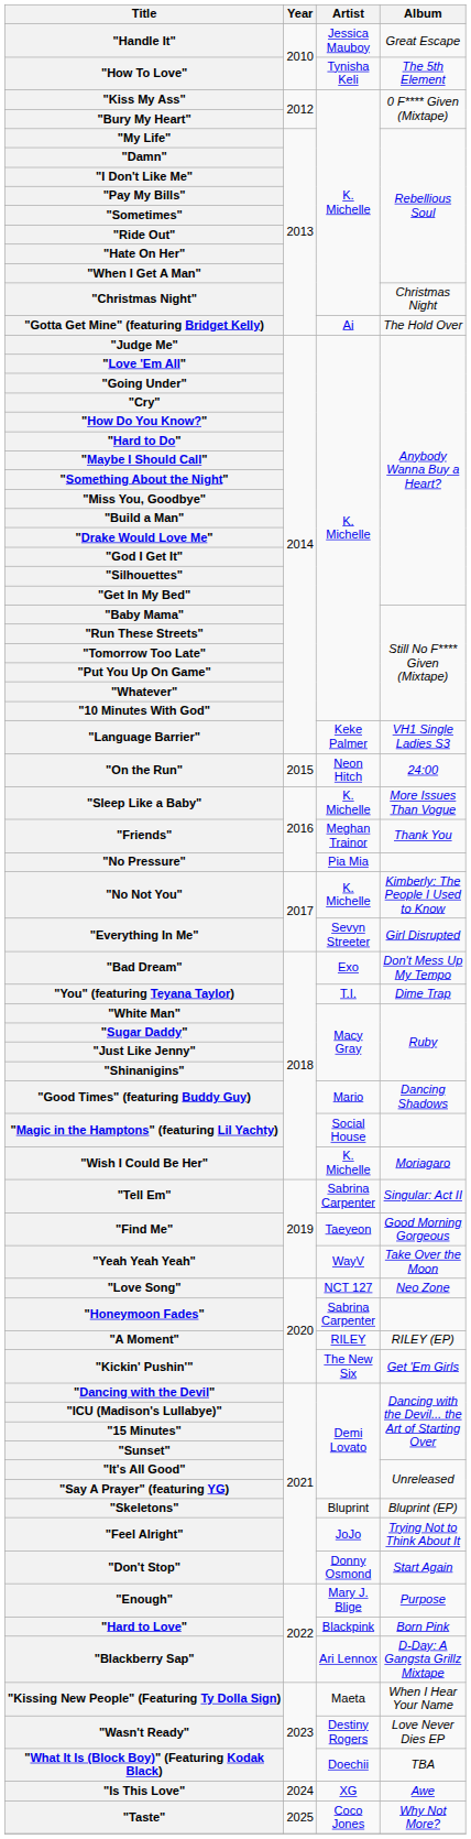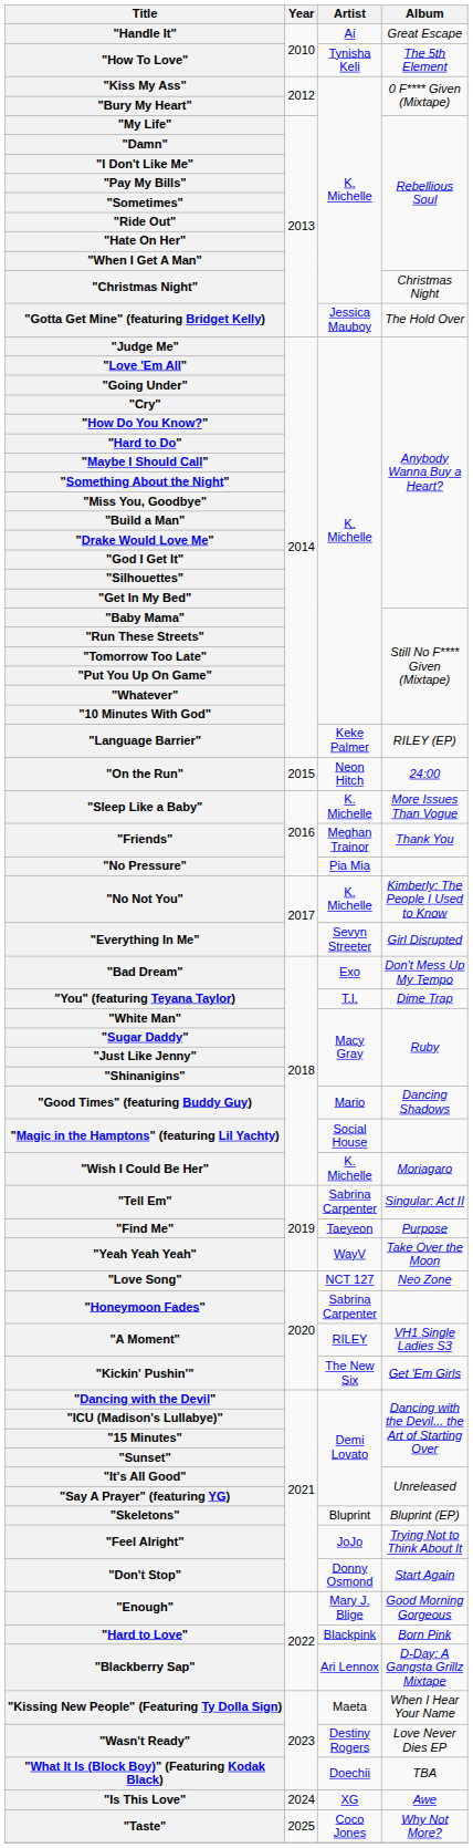 <table class="wikitable plainrowheaders" style="text-align:center;">
 <tr>
 <th scope="col" style="width:22.5em;">Title</th>
 <th scope="col">Year</th>
 <th scope="col">Artist</th>
 <th scope="col">Album</th>
 </tr>
 <tr>
 <th scope="row">"Handle It"</th>
 <td rowspan="2">2010</td>
-<td><a href='#'>Jessica Mauboy</a></td>
+<td><a href='#'>Ai</a></td>
 <td><em>Great Escape</em></td>
 </tr>
 <tr>
 <th scope="row">"How To Love"</th>
 <td><a href='#'>Tynisha Keli</a></td>
 <td><em><a href='#'>The 5th Element</a></em></td>
 </tr>
 <tr>
 <th scope="row">"Kiss My Ass"</th>
 <td rowspan="2">2012</td>
 <td rowspan="11"><a href='#'>K. Michelle</a></td>
 <td rowspan="2"><em>0 F**** Given (Mixtape)</em></td>
 </tr>
 <tr>
 <th scope="row">"Bury My Heart"</th>
 </tr>
 <tr>
 <th scope="row">"My Life"</th>
 <td rowspan="10">2013</td>
 <td rowspan="8"><em><a href='#'>Rebellious Soul</a></em></td>
 </tr>
 <tr>
 <th scope="row">"Damn"</th>
 </tr>
 <tr>
 <th scope="row">"I Don't Like Me"</th>
 </tr>
 <tr>
 <th scope="row">"Pay My Bills"</th>
 </tr>
 <tr>
 <th scope="row">"Sometimes"</th>
 </tr>
 <tr>
 <th scope="row">"Ride Out"</th>
 </tr>
 <tr>
 <th scope="row">"Hate On Her"</th>
 </tr>
 <tr>
 <th scope="row">"When I Get A Man"</th>
 </tr>
 <tr>
 <th scope="row">"Christmas Night"</th>
 <td><em>Christmas Night</em></td>
 </tr>
 <tr>
 <th scope="row">"Gotta Get Mine" (featuring <a href='#'>Bridget Kelly</a>)</th>
-<td><a href='#'>Ai</a></td>
+<td><a href='#'>Jessica Mauboy</a></td>
 <td><em>The Hold Over</em></td>
 </tr>
 <tr>
 <th scope="row">"Judge Me"</th>
 <td rowspan="21">2014</td>
 <td rowspan="20"><a href='#'>K. Michelle</a></td>
 <td rowspan="14"><em><a href='#'>Anybody Wanna Buy a Heart?</a></em></td>
 </tr>
 <tr>
 <th scope="row">"<a href='#'>Love 'Em All</a>"</th>
 </tr>
 <tr>
 <th scope="row">"Going Under"</th>
 </tr>
 <tr>
 <th scope="row">"Cry"</th>
 </tr>
 <tr>
 <th scope="row">"<a href='#'>How Do You Know?</a>"</th>
 </tr>
 <tr>
 <th scope="row">"<a href='#'>Hard to Do</a>"</th>
 </tr>
 <tr>
 <th scope="row">"<a href='#'>Maybe I Should Call</a>"</th>
 </tr>
 <tr>
 <th scope="row">"<a href='#'>Something About the Night</a>"</th>
 </tr>
 <tr>
 <th scope="row">"Miss You, Goodbye"</th>
 </tr>
 <tr>
 <th scope="row">"Build a Man"</th>
 </tr>
 <tr>
 <th scope="row">"<a href='#'>Drake Would Love Me</a>"</th>
 </tr>
 <tr>
 <th scope="row">"God I Get It"</th>
 </tr>
 <tr>
 <th scope="row">"Silhouettes"</th>
 </tr>
 <tr>
 <th scope="row">"Get In My Bed"</th>
 </tr>
 <tr>
 <th scope="row">"Baby Mama"</th>
 <td rowspan="6"><em>Still No F**** Given (Mixtape)</em></td>
 </tr>
 <tr>
 <th scope="row">"Run These Streets"</th>
 </tr>
 <tr>
 <th scope="row">"Tomorrow Too Late"</th>
 </tr>
 <tr>
 <th scope="row">"Put You Up On Game"</th>
 </tr>
 <tr>
 <th scope="row">"Whatever"</th>
 </tr>
 <tr>
 <th scope="row">"10 Minutes With God"</th>
 </tr>
 <tr>
 <th scope="row">"Language Barrier"</th>
 <td><a href='#'>Keke Palmer</a></td>
-<td><em><a href='#'>VH1 Single Ladies S3</a></em></td>
+<td><em>RILEY (EP)</em></td>
 </tr>
 <tr>
 <th scope="row">"On the Run"</th>
 <td>2015</td>
 <td><a href='#'>Neon Hitch</a></td>
 <td><em><a href='#'>24:00</a></em></td>
 </tr>
 <tr>
 <th scope="row">"Sleep Like a Baby"</th>
 <td rowspan="3">2016</td>
 <td><a href='#'>K. Michelle</a></td>
 <td><em><a href='#'>More Issues Than Vogue</a></em></td>
 </tr>
 <tr>
 <th scope="row">"Friends"</th>
 <td><a href='#'>Meghan Trainor</a></td>
 <td><em><a href='#'>Thank You</a></em></td>
 </tr>
 <tr>
 <th scope="row">"No Pressure"</th>
 <td><a href='#'>Pia Mia</a></td>
 <td></td>
 </tr>
 <tr>
 <th scope="row">"No Not You"</th>
 <td rowspan="2">2017</td>
 <td><a href='#'>K. Michelle</a></td>
 <td><em><a href='#'>Kimberly: The People I Used to Know</a></em></td>
 </tr>
 <tr>
 <th scope="row">"Everything In Me"</th>
 <td><a href='#'>Sevyn Streeter</a></td>
 <td><em><a href='#'>Girl Disrupted</a></em></td>
 </tr>
 <tr>
 <th scope="row">"Bad Dream" </th>
 <td rowspan="9">2018</td>
 <td><a href='#'>Exo</a></td>
 <td><em><a href='#'>Don't Mess Up My Tempo</a></em></td>
 </tr>
 <tr>
 <th scope="row">"You" (featuring <a href='#'>Teyana Taylor</a>)</th>
 <td><a href='#'>T.I.</a></td>
 <td><em><a href='#'>Dime Trap</a></em></td>
 </tr>
 <tr>
 <th scope="row">"White Man"</th>
 <td rowspan="4"><a href='#'>Macy Gray</a></td>
 <td rowspan="4"><em><a href='#'>Ruby</a></em></td>
 </tr>
 <tr>
 <th scope="row">"<a href='#'>Sugar Daddy</a>"</th>
 </tr>
 <tr>
 <th scope="row">"Just Like Jenny"</th>
 </tr>
 <tr>
 <th scope="row">"Shinanigins"</th>
 </tr>
 <tr>
 <th scope="row">"Good Times" (featuring <a href='#'>Buddy Guy</a>)</th>
 <td><a href='#'>Mario</a></td>
 <td><em><a href='#'>Dancing Shadows</a></em></td>
 </tr>
 <tr>
 <th scope="row">"<a href='#'>Magic in the Hamptons</a>" (featuring <a href='#'>Lil Yachty</a>)</th>
 <td><a href='#'>Social House</a></td>
 <td></td>
 </tr>
 <tr>
 <th scope="row">"Wish I Could Be Her"</th>
 <td><a href='#'>K. Michelle</a></td>
 <td><em><a href='#'>Moriagaro</a></em></td>
 </tr>
 <tr>
 <th scope="row">"Tell Em"</th>
 <td rowspan="3">2019</td>
 <td><a href='#'>Sabrina Carpenter</a></td>
 <td><em><a href='#'>Singular: Act II</a></em></td>
 </tr>
 <tr>
 <th scope="row">"Find Me"</th>
 <td><a href='#'>Taeyeon</a></td>
-<td><em><a href='#'>Good Morning Gorgeous</a></em></td>
+<td><em><a href='#'>Purpose</a></em></td>
 </tr>
 <tr>
 <th scope="row">"Yeah Yeah Yeah"</th>
 <td><a href='#'>WayV</a></td>
 <td><em><a href='#'>Take Over the Moon</a></em></td>
 </tr>
 <tr>
 <th scope="row">"Love Song"</th>
 <td rowspan="4">2020</td>
 <td><a href='#'>NCT 127</a></td>
 <td><em><a href='#'>Neo Zone</a></em></td>
 </tr>
 <tr>
 <th scope="row">"<a href='#'>Honeymoon Fades</a>"</th>
 <td><a href='#'>Sabrina Carpenter</a></td>
 <td></td>
 </tr>
 <tr>
 <th scope="row">"A Moment"</th>
 <td><a href='#'>RILEY</a></td>
-<td><em>RILEY (EP)</em></td>
+<td><em><a href='#'>VH1 Single Ladies S3</a></em></td>
 </tr>
 <tr>
 <th scope="row">"Kickin' Pushin'"</th>
 <td><a href='#'>The New Six</a></td>
 <td><em><a href='#'>Get 'Em Girls</a></em></td>
 </tr>
 <tr>
 <th scope="row">"<a href='#'>Dancing with the Devil</a>" </th>
 <td rowspan="9">2021</td>
 <td rowspan="6"><a href='#'>Demi Lovato</a></td>
 <td rowspan="4"><em><a href='#'>Dancing with the Devil... the Art of Starting Over</a></em></td>
 </tr>
 <tr>
 <th scope="row">"ICU (Madison's Lullabye)"</th>
 </tr>
 <tr>
 <th scope="row">"15 Minutes"</th>
 </tr>
 <tr>
 <th scope="row">"Sunset"</th>
 </tr>
 <tr>
 <th scope="row">"It's All Good"</th>
 <td rowspan="2"><em>Unreleased</em></td>
 </tr>
 <tr>
 <th scope="row">"Say A Prayer" (featuring <a href='#'>YG</a>)</th>
 </tr>
 <tr>
 <th scope="row">"Skeletons"</th>
 <td>Bluprint</td>
 <td><em>Bluprint (EP)</em></td>
 </tr>
 <tr>
 <th scope="row">"Feel Alright"</th>
 <td><a href='#'>JoJo</a></td>
 <td><em><a href='#'>Trying Not to Think About It</a></em></td>
 </tr>
 <tr>
 <th scope="row">"Don't Stop"</th>
 <td><a href='#'>Donny Osmond</a></td>
 <td><em><a href='#'>Start Again</a></em></td>
 </tr>
 <tr>
 <th scope="row">"Enough"</th>
 <td rowspan="3">2022</td>
 <td><a href='#'>Mary J. Blige</a></td>
-<td><em><a href='#'>Purpose</a></em></td>
+<td><em><a href='#'>Good Morning Gorgeous</a></em></td>
 </tr>
 <tr>
 <th scope="row">"<a href='#'>Hard to Love</a>"</th>
 <td><a href='#'>Blackpink</a></td>
 <td><em><a href='#'>Born Pink</a></em></td>
 </tr>
 <tr>
 <th scope="row">"Blackberry Sap"</th>
 <td><a href='#'>Ari Lennox</a></td>
 <td><em><a href='#'>D-Day: A Gangsta Grillz Mixtape</a></em></td>
 </tr>
 <tr>
 <th scope="row">"Kissing New People" (Featuring <a href='#'>Ty Dolla Sign</a>)</th>
 <td rowspan="3">2023</td>
 <td>Maeta</td>
 <td><em>When I Hear Your Name</em></td>
 </tr>
 <tr>
 <th scope="row">"Wasn't Ready"</th>
 <td><a href='#'>Destiny Rogers</a></td>
 <td><em>Love Never Dies EP</em></td>
 </tr>
 <tr>
 <th scope="row">"<a href='#'>What It Is (Block Boy)</a>" (Featuring <a href='#'>Kodak Black</a>)</th>
 <td><a href='#'>Doechii</a></td>
 <td><em>TBA</em></td>
 </tr>
 <tr>
 <th scope="row">"Is This Love"</th>
 <td>2024</td>
 <td><a href='#'>XG</a></td>
 <td><em><a href='#'>Awe</a></em></td>
 </tr>
 <tr>
 <th scope="row">"Taste"</th>
 <td>2025</td>
 <td><a href='#'>Coco Jones</a></td>
 <td><em><a href='#'>Why Not More?</a></em></td>
 </tr>
 <tr>
 </tr>
 </table>
